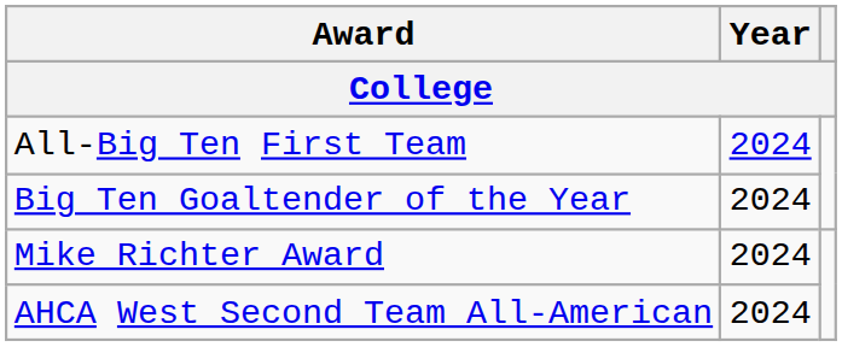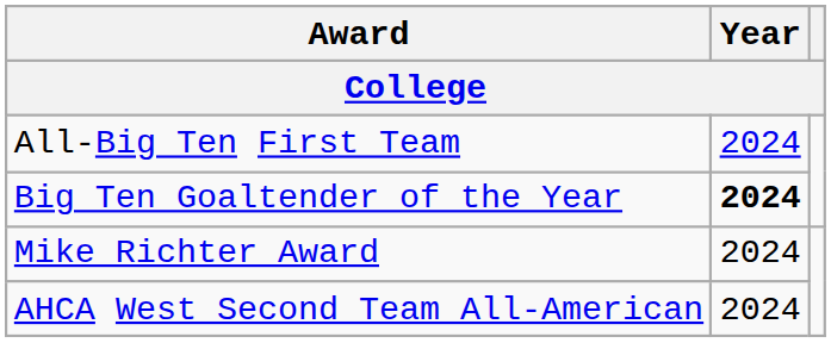 <table class="wikitable">
 <tr>
 <th>Award</th>
 <th>Year</th>
 <th></th>
 </tr>
 <tr>
 <th colspan="3"><a href='#'>College</a></th>
 </tr>
 <tr>
 <td>All-<a href='#'>Big Ten</a> <a href='#'>First Team</a></td>
 <td><a href='#'>2024</a></td>
 <td rowspan="2"></td>
 </tr>
 <tr>
 <td><a href='#'>Big Ten Goaltender of the Year</a></td>
-<td>2024</td>
+<td><strong>2024</strong></td>
 </tr>
 <tr>
 <td><a href='#'>Mike Richter Award</a></td>
 <td>2024</td>
 <td rowspan="2"></td>
 </tr>
 <tr>
 <td><a href='#'>AHCA</a> <a href='#'>West Second Team All-American</a></td>
 <td>2024</td>
 </tr>
 </table>
